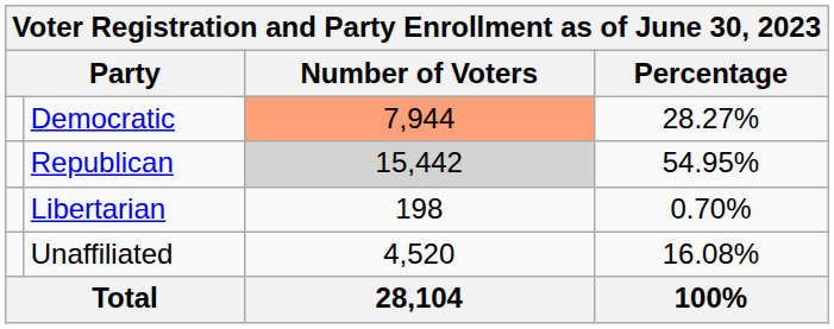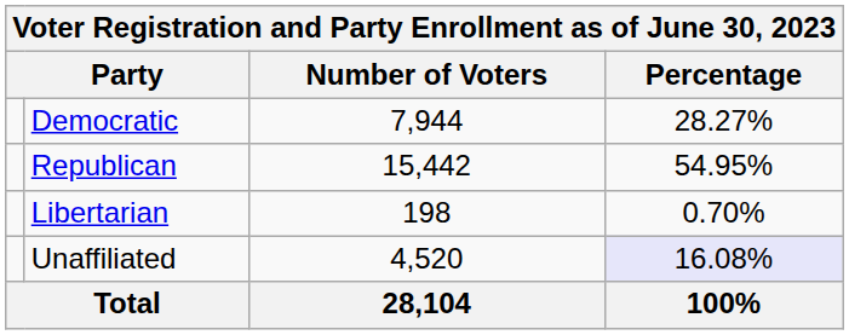 <table class=wikitable>
 <tr>
 <th colspan = 6>Voter Registration and Party Enrollment as of June 30, 2023</th>
 </tr>
 <tr>
 <th colspan = 2>Party</th>
 <th>Number of Voters</th>
 <th>Percentage</th>
 </tr>
 <tr>
 <td></td>
 <td><a href='#'>Democratic</a></td>
-<td align = center style="background: lightsalmon;">7,944</td>
+<td align = center>7,944</td>
 <td align = center>28.27%</td>
 </tr>
 <tr>
 <td></td>
 <td><a href='#'>Republican</a></td>
-<td align = center style="background: lightgrey;">15,442</td>
+<td align = center>15,442</td>
 <td align = center>54.95%</td>
 </tr>
 <tr>
 <td></td>
 <td><a href='#'>Libertarian</a></td>
 <td align = center>198</td>
 <td align = center>0.70%</td>
 </tr>
 <tr>
 <td></td>
 <td>Unaffiliated</td>
 <td align = center>4,520</td>
-<td align = center>16.08%</td>
+<td align = center style="background: lavender;">16.08%</td>
 </tr>
 <tr>
 <th colspan = 2>Total</th>
 <th align = center>28,104</th>
 <th align = center>100%</th>
 </tr>
 </table>
